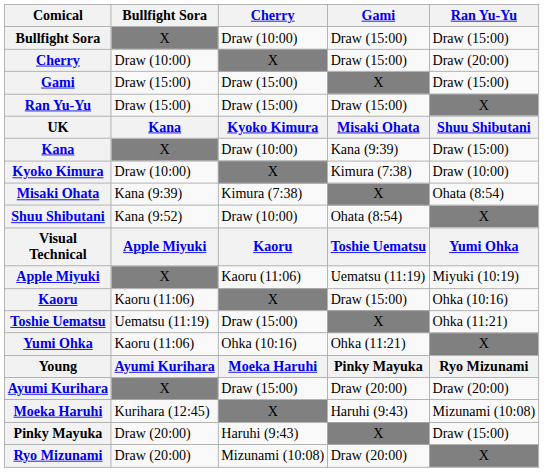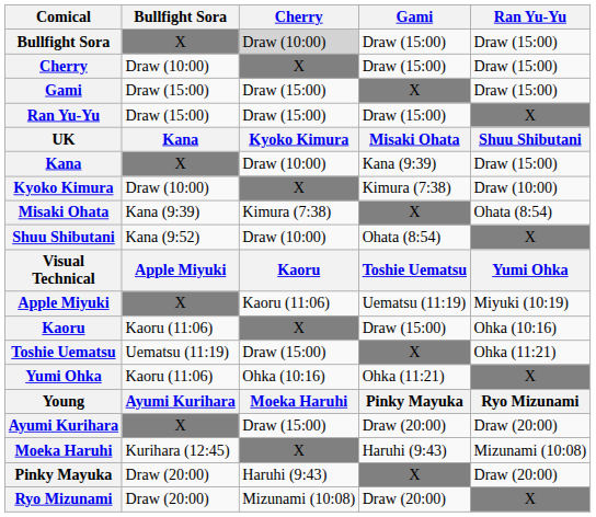 <table class="wikitable" align=center style="margin: 1em auto 1em auto">
 <tr>
 <th>Comical</th>
 <th>Bullfight Sora</th>
 <th><a href='#'>Cherry</a></th>
 <th><a href='#'>Gami</a></th>
 <th><a href='#'>Ran Yu-Yu</a></th>
 </tr>
 <tr>
 <th>Bullfight Sora</th>
 <td bgcolor=grey align="center">X</td>
-<td>Draw (10:00)</td>
+<td style="background: lightgrey;">Draw (10:00)</td>
 <td>Draw (15:00)</td>
 <td>Draw (15:00)</td>
 </tr>
 <tr>
 <th><a href='#'>Cherry</a></th>
 <td>Draw (10:00)</td>
 <td bgcolor=grey align="center">X</td>
 <td>Draw (15:00)</td>
-<td>Draw (20:00)</td>
+<td>Draw (15:00)</td>
 </tr>
 <tr>
 <th><a href='#'>Gami</a></th>
 <td>Draw (15:00)</td>
 <td>Draw (15:00)</td>
 <td bgcolor=grey align="center">X</td>
 <td>Draw (15:00)</td>
 </tr>
 <tr>
 <th><a href='#'>Ran Yu-Yu</a></th>
 <td>Draw (15:00)</td>
 <td>Draw (15:00)</td>
 <td>Draw (15:00)</td>
 <td bgcolor=grey align="center">X</td>
 </tr>
 <tr>
 <th>UK</th>
 <th><a href='#'>Kana</a></th>
 <th><a href='#'>Kyoko Kimura</a></th>
 <th><a href='#'>Misaki Ohata</a></th>
 <th><a href='#'>Shuu Shibutani</a></th>
 </tr>
 <tr>
 <th><a href='#'>Kana</a></th>
 <td bgcolor=grey align="center">X</td>
 <td>Draw (10:00)</td>
 <td>Kana (9:39)</td>
 <td>Draw (15:00)</td>
 </tr>
 <tr>
 <th><a href='#'>Kyoko Kimura</a></th>
 <td>Draw (10:00)</td>
 <td bgcolor=grey align="center">X</td>
 <td>Kimura (7:38)</td>
 <td>Draw (10:00)</td>
 </tr>
 <tr>
 <th><a href='#'>Misaki Ohata</a></th>
 <td>Kana (9:39)</td>
 <td>Kimura (7:38)</td>
 <td bgcolor=grey align="center">X</td>
 <td>Ohata (8:54)</td>
 </tr>
 <tr>
 <th><a href='#'>Shuu Shibutani</a></th>
 <td>Kana (9:52)</td>
 <td>Draw (10:00)</td>
 <td>Ohata (8:54)</td>
 <td bgcolor=grey align="center">X</td>
 </tr>
 <tr>
 <th>Visual<br>Technical</th>
 <th><a href='#'>Apple Miyuki</a></th>
 <th><a href='#'>Kaoru</a></th>
 <th><a href='#'>Toshie Uematsu</a></th>
 <th><a href='#'>Yumi Ohka</a></th>
 </tr>
 <tr>
 <th><a href='#'>Apple Miyuki</a></th>
 <td bgcolor=grey align="center">X</td>
 <td>Kaoru (11:06)</td>
 <td>Uematsu (11:19)</td>
 <td>Miyuki (10:19)</td>
 </tr>
 <tr>
 <th><a href='#'>Kaoru</a></th>
 <td>Kaoru (11:06)</td>
 <td bgcolor=grey align="center">X</td>
 <td>Draw (15:00)</td>
 <td>Ohka (10:16)</td>
 </tr>
 <tr>
 <th><a href='#'>Toshie Uematsu</a></th>
 <td>Uematsu (11:19)</td>
 <td>Draw (15:00)</td>
 <td bgcolor=grey align="center">X</td>
 <td>Ohka (11:21)</td>
 </tr>
 <tr>
 <th><a href='#'>Yumi Ohka</a></th>
 <td>Kaoru (11:06)</td>
 <td>Ohka (10:16)</td>
 <td>Ohka (11:21)</td>
 <td bgcolor=grey align="center">X</td>
 </tr>
 <tr>
 <th>Young</th>
 <th><a href='#'>Ayumi Kurihara</a></th>
 <th><a href='#'>Moeka Haruhi</a></th>
 <th>Pinky Mayuka</th>
 <th>Ryo Mizunami</th>
 </tr>
 <tr>
 <th><a href='#'>Ayumi Kurihara</a></th>
 <td bgcolor=grey align="center">X</td>
 <td>Draw (15:00)</td>
 <td>Draw (20:00)</td>
 <td>Draw (20:00)</td>
 </tr>
 <tr>
 <th><a href='#'>Moeka Haruhi</a></th>
 <td>Kurihara (12:45)</td>
 <td bgcolor=grey align="center">X</td>
 <td>Haruhi (9:43)</td>
 <td>Mizunami (10:08)</td>
 </tr>
 <tr>
 <th>Pinky Mayuka</th>
 <td>Draw (20:00)</td>
 <td>Haruhi (9:43)</td>
 <td bgcolor=grey align="center">X</td>
-<td>Draw (15:00)</td>
+<td>Draw (20:00)</td>
 </tr>
 <tr>
 <th><a href='#'>Ryo Mizunami</a></th>
 <td>Draw (20:00)</td>
 <td>Mizunami (10:08)</td>
 <td>Draw (20:00)</td>
 <td bgcolor=grey align="center">X</td>
 </tr>
 </table>
